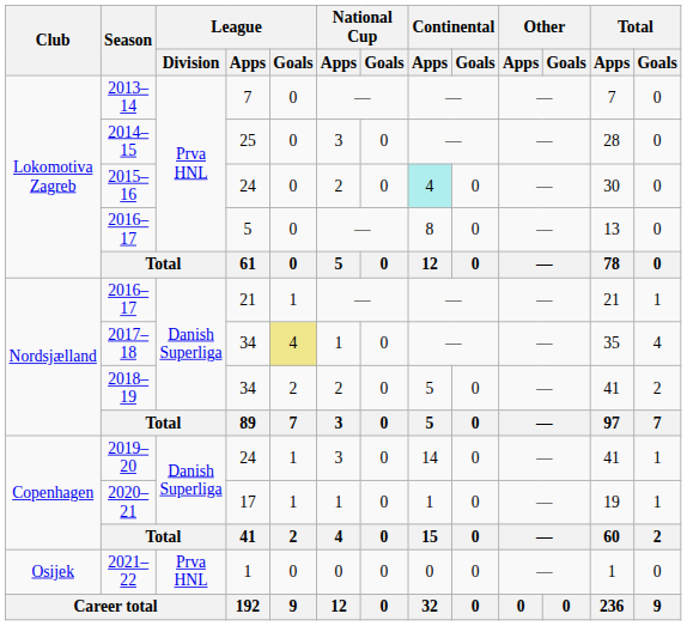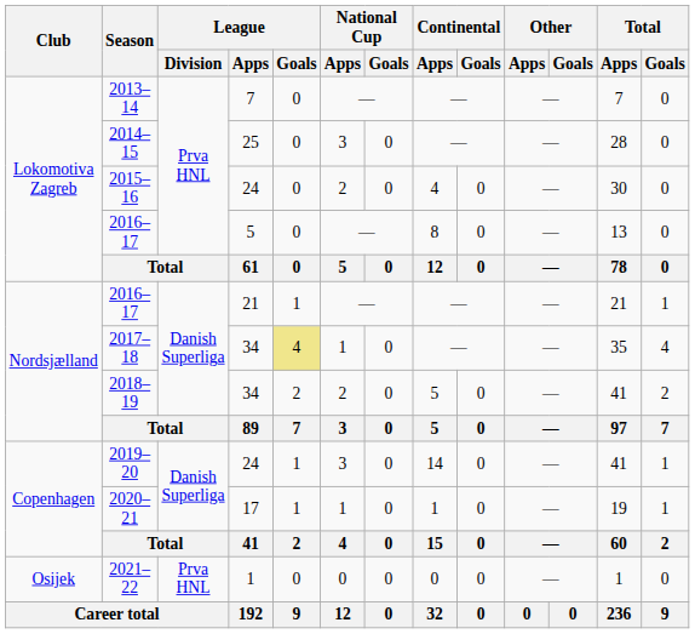 <table class="wikitable" style="text-align:center">
 <tr>
 <th rowspan="2">Club</th>
 <th rowspan="2">Season</th>
 <th colspan="3">League</th>
 <th colspan="2">National Cup</th>
 <th colspan="2">Continental</th>
 <th colspan="2">Other</th>
 <th colspan="2">Total</th>
 </tr>
 <tr>
 <th>Division</th>
 <th>Apps</th>
 <th>Goals</th>
 <th>Apps</th>
 <th>Goals</th>
 <th>Apps</th>
 <th>Goals</th>
 <th>Apps</th>
 <th>Goals</th>
 <th>Apps</th>
 <th>Goals</th>
 </tr>
 <tr>
 <td rowspan="5"><a href='#'>Lokomotiva Zagreb</a></td>
 <td><a href='#'>2013–14</a></td>
 <td rowspan="4"><a href='#'>Prva HNL</a></td>
 <td>7</td>
 <td>0</td>
 <td colspan="2">—</td>
 <td colspan="2">—</td>
 <td colspan="2">—</td>
 <td>7</td>
 <td>0</td>
 </tr>
 <tr>
 <td><a href='#'>2014–15</a></td>
 <td>25</td>
 <td>0</td>
 <td>3</td>
 <td>0</td>
 <td colspan="2">—</td>
 <td colspan="2">—</td>
 <td>28</td>
 <td>0</td>
 </tr>
 <tr>
 <td><a href='#'>2015–16</a></td>
 <td>24</td>
 <td>0</td>
 <td>2</td>
 <td>0</td>
-<td style="background: paleturquoise;">4</td>
+<td>4</td>
 <td>0</td>
 <td colspan="2">—</td>
 <td>30</td>
 <td>0</td>
 </tr>
 <tr>
 <td><a href='#'>2016–17</a></td>
 <td>5</td>
 <td>0</td>
 <td colspan="2">—</td>
 <td>8</td>
 <td>0</td>
 <td colspan="2">—</td>
 <td>13</td>
 <td>0</td>
 </tr>
 <tr>
 <th colspan="2">Total</th>
 <th>61</th>
 <th>0</th>
 <th>5</th>
 <th>0</th>
 <th>12</th>
 <th>0</th>
 <th colspan="2">—</th>
 <th>78</th>
 <th>0</th>
 </tr>
 <tr>
 <td rowspan="4"><a href='#'>Nordsjælland</a></td>
 <td><a href='#'>2016–17</a></td>
 <td rowspan="3"><a href='#'>Danish Superliga</a></td>
 <td>21</td>
 <td>1</td>
 <td colspan="2">—</td>
 <td colspan="2">—</td>
 <td colspan="2">—</td>
 <td>21</td>
 <td>1</td>
 </tr>
 <tr>
 <td><a href='#'>2017–18</a></td>
 <td>34</td>
 <td style="background: khaki;">4</td>
 <td>1</td>
 <td>0</td>
 <td colspan="2">—</td>
 <td colspan="2">—</td>
 <td>35</td>
 <td>4</td>
 </tr>
 <tr>
 <td><a href='#'>2018–19</a></td>
 <td>34</td>
 <td>2</td>
 <td>2</td>
 <td>0</td>
 <td>5</td>
 <td>0</td>
 <td colspan="2">—</td>
 <td>41</td>
 <td>2</td>
 </tr>
 <tr>
 <th colspan="2">Total</th>
 <th>89</th>
 <th>7</th>
 <th>3</th>
 <th>0</th>
 <th>5</th>
 <th>0</th>
 <th colspan="2">—</th>
 <th>97</th>
 <th>7</th>
 </tr>
 <tr>
 <td rowspan="3"><a href='#'>Copenhagen</a></td>
 <td><a href='#'>2019–20</a></td>
 <td rowspan="2"><a href='#'>Danish Superliga</a></td>
 <td>24</td>
 <td>1</td>
 <td>3</td>
 <td>0</td>
 <td>14</td>
 <td>0</td>
 <td colspan="2">—</td>
 <td>41</td>
 <td>1</td>
 </tr>
 <tr>
 <td><a href='#'>2020–21</a></td>
 <td>17</td>
 <td>1</td>
 <td>1</td>
 <td>0</td>
 <td>1</td>
 <td>0</td>
 <td colspan="2">—</td>
 <td>19</td>
 <td>1</td>
 </tr>
 <tr>
 <th colspan="2">Total</th>
 <th>41</th>
 <th>2</th>
 <th>4</th>
 <th>0</th>
 <th>15</th>
 <th>0</th>
 <th colspan="2">—</th>
 <th>60</th>
 <th>2</th>
 </tr>
 <tr>
 <td><a href='#'>Osijek</a></td>
 <td><a href='#'>2021–22</a></td>
 <td><a href='#'>Prva HNL</a></td>
 <td>1</td>
 <td>0</td>
 <td>0</td>
 <td>0</td>
 <td>0</td>
 <td>0</td>
 <td colspan="2">—</td>
 <td>1</td>
 <td>0</td>
 </tr>
 <tr>
 <th colspan="3">Career total</th>
 <th>192</th>
 <th>9</th>
 <th>12</th>
 <th>0</th>
 <th>32</th>
 <th>0</th>
 <th>0</th>
 <th>0</th>
 <th>236</th>
 <th>9</th>
 </tr>
 </table>
